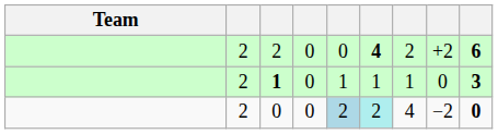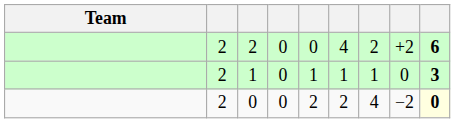 <table class="wikitable" style="text-align:center;">
 <tr>
 <th width=175>Team</th>
 <th width=20></th>
 <th width=20></th>
 <th width=20></th>
 <th width=20></th>
 <th width=20></th>
 <th width=20></th>
 <th width=20></th>
 <th width=20></th>
 </tr>
 <tr bgcolor=ccffcc>
 <td style="text-align:left;"></td>
 <td>2</td>
 <td>2</td>
 <td>0</td>
 <td>0</td>
-<td><strong>4</strong></td>
+<td>4</td>
 <td>2</td>
 <td>+2</td>
 <td><strong>6</strong></td>
 </tr>
 <tr bgcolor=ccffcc>
 <td style="text-align:left;"></td>
 <td>2</td>
-<td><strong>1</strong></td>
+<td>1</td>
 <td>0</td>
 <td>1</td>
 <td>1</td>
 <td>1</td>
 <td>0</td>
 <td><strong>3</strong></td>
 </tr>
 <tr>
 <td style="text-align:left;"></td>
 <td>2</td>
 <td>0</td>
 <td>0</td>
-<td style="background: lightblue;">2</td>
-<td style="background: paleturquoise;">2</td>
+<td>2</td>
+<td>2</td>
 <td>4</td>
 <td>−2</td>
-<td><strong>0</strong></td>
+<td style="background: lightyellow;"><strong>0</strong></td>
 </tr>
 </table>
